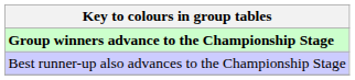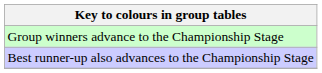 <table class="wikitable">
 <tr>
 <th>Key to colours in group tables</th>
 </tr>
 <tr bgcolor="#ccffcc">
-<td><strong>Group winners advance to the Championship Stage</strong></td>
+<td>Group winners advance to the Championship Stage</td>
 </tr>
 <tr bgcolor="#ccccff">
 <td>Best runner-up also advances to the Championship Stage</td>
 </tr>
 <tr>
 </tr>
 </table>
